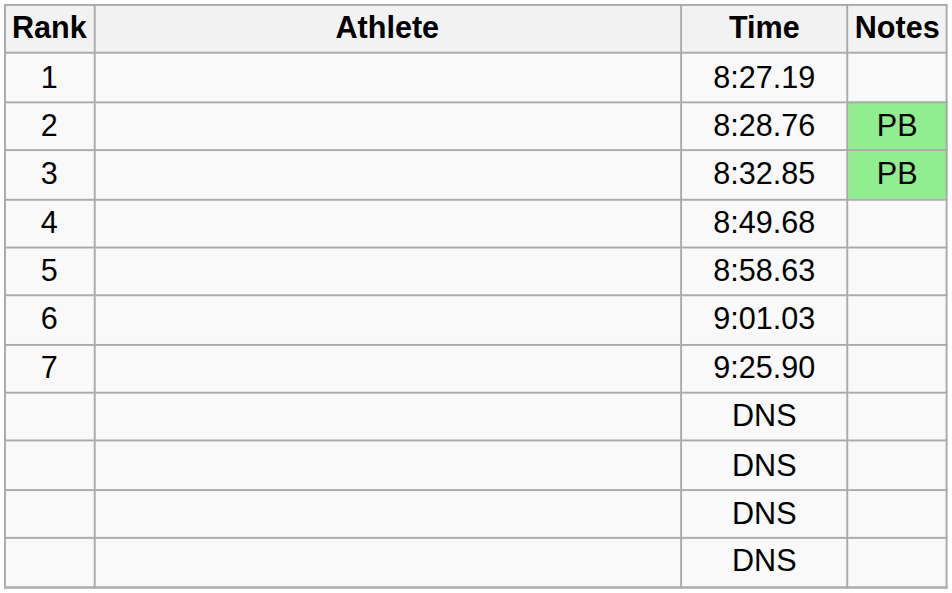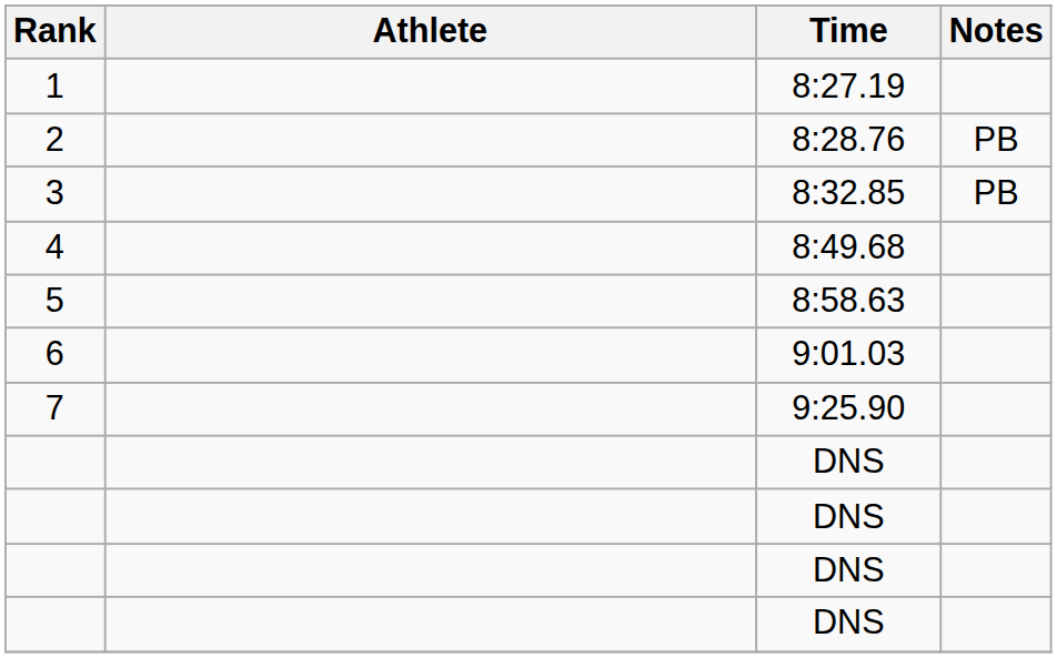 <table class="wikitable" style="text-align:center">
 <tr>
 <th>Rank</th>
 <th width=300>Athlete</th>
 <th width=80>Time</th>
 <th>Notes</th>
 </tr>
 <tr>
 <td>1</td>
 <td align=left></td>
 <td>8:27.19</td>
 <td></td>
 </tr>
 <tr>
 <td>2</td>
 <td align=left></td>
 <td>8:28.76</td>
-<td style="background: lightgreen;">PB</td>
+<td>PB</td>
 </tr>
 <tr>
 <td>3</td>
 <td align=left></td>
 <td>8:32.85</td>
-<td style="background: lightgreen;">PB</td>
+<td>PB</td>
 </tr>
 <tr>
 <td>4</td>
 <td align=left></td>
 <td>8:49.68</td>
 <td></td>
 </tr>
 <tr>
 <td>5</td>
 <td align=left></td>
 <td>8:58.63</td>
 <td></td>
 </tr>
 <tr>
 <td>6</td>
 <td align=left></td>
 <td>9:01.03</td>
 <td></td>
 </tr>
 <tr>
 <td>7</td>
 <td align=left></td>
 <td>9:25.90</td>
 <td></td>
 </tr>
 <tr>
 <td></td>
 <td align=left></td>
 <td>DNS</td>
 <td></td>
 </tr>
 <tr>
 <td></td>
 <td align=left></td>
 <td>DNS</td>
 <td></td>
 </tr>
 <tr>
 <td></td>
 <td align=left></td>
 <td>DNS</td>
 <td></td>
 </tr>
 <tr>
 <td></td>
 <td align=left></td>
 <td>DNS</td>
 <td></td>
 </tr>
 <tr>
 </tr>
 </table>
